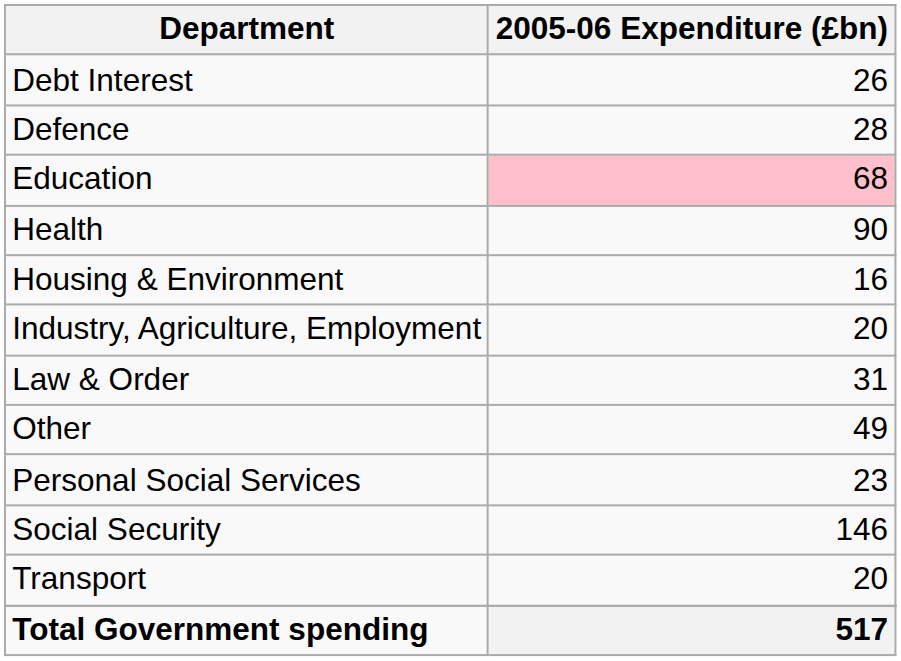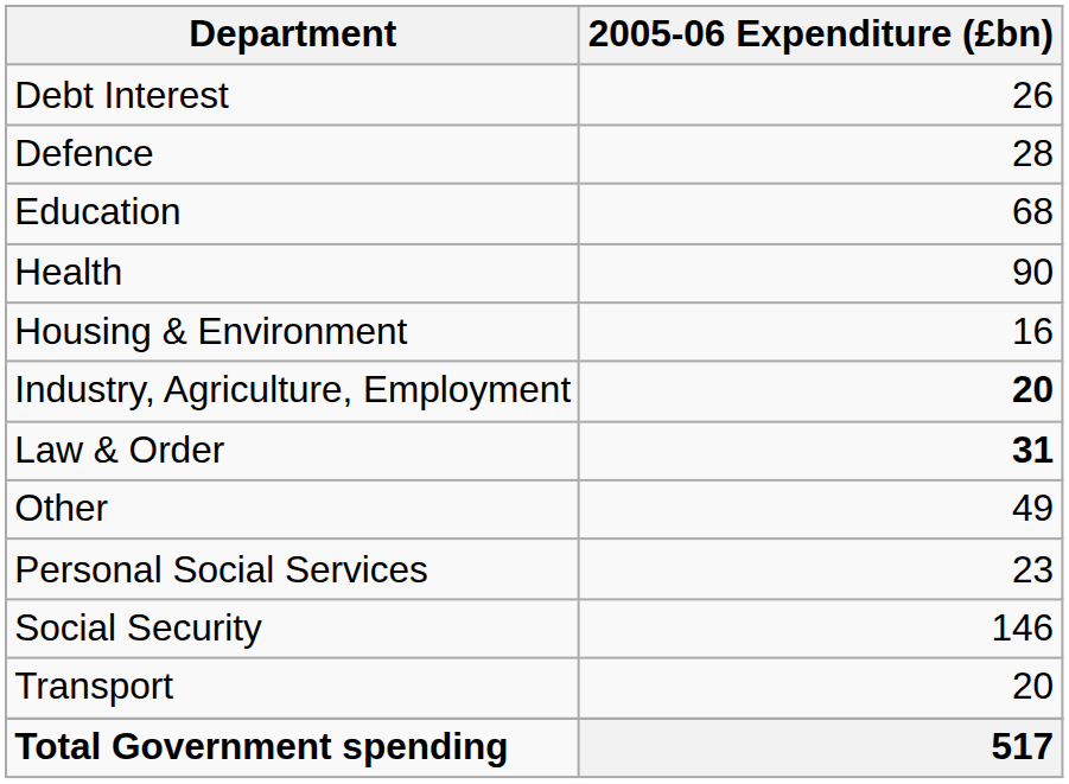 <table class="wikitable sortable">
 <tr>
 <th>Department</th>
 <th style="text-align: right">2005-06 Expenditure (£bn)</th>
 </tr>
 <tr>
 <td>Debt Interest</td>
 <td style="text-align: right">26</td>
 </tr>
 <tr>
 <td>Defence</td>
 <td style="text-align: right">28</td>
 </tr>
 <tr>
 <td>Education</td>
-<td style="background: pink; text-align: right">68</td>
+<td style="text-align: right">68</td>
 </tr>
 <tr>
 <td>Health</td>
 <td style="text-align: right">90</td>
 </tr>
 <tr>
 <td>Housing & Environment</td>
 <td style="text-align: right">16</td>
 </tr>
 <tr>
 <td>Industry, Agriculture,  Employment</td>
-<td style="text-align: right">20</td>
+<td style="text-align: right"><strong>20</strong></td>
 </tr>
 <tr>
 <td>Law & Order</td>
-<td style="text-align: right">31</td>
+<td style="text-align: right"><strong>31</strong></td>
 </tr>
 <tr>
 <td>Other</td>
 <td style="text-align: right">49</td>
 </tr>
 <tr>
 <td>Personal Social Services</td>
 <td style="text-align: right">23</td>
 </tr>
 <tr>
 <td>Social Security</td>
 <td style="text-align: right">146</td>
 </tr>
 <tr>
 <td>Transport</td>
 <td style="text-align: right">20</td>
 </tr>
 <tr>
 </tr>
 <tr class="sortbottom">
 <td style="text-align: left"><strong>Total Government spending</strong></td>
 <th style="text-align: right">517</th>
 </tr>
 </table>
